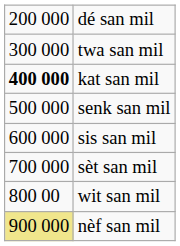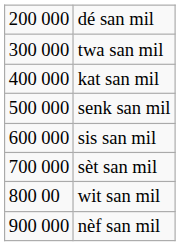 <table class="wikitable" style="float:left; margin-right:0.5em">
 <tr>
 <td>200 000</td>
 <td>dé san mil</td>
 </tr>
 <tr>
 <td>300 000</td>
 <td>twa san mil</td>
 </tr>
 <tr>
-<td><strong>400 000</strong></td>
+<td>400 000</td>
 <td>kat san mil</td>
 </tr>
 <tr>
 <td>500 000</td>
 <td>senk san mil</td>
 </tr>
 <tr>
 <td>600 000</td>
 <td>sis san mil</td>
 </tr>
 <tr>
 <td>700 000</td>
 <td>sèt san mil</td>
 </tr>
 <tr>
 <td>800 00</td>
 <td>wit san mil</td>
 </tr>
 <tr>
-<td style="background: khaki;">900 000</td>
+<td>900 000</td>
 <td>nèf san mil</td>
 </tr>
 </table>
